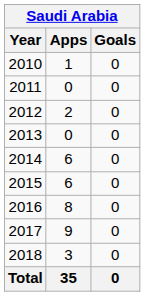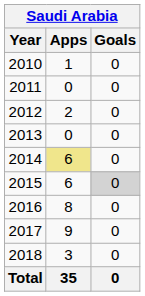 <table class="wikitable" style="text-align:center">
 <tr>
 <th colspan=3><a href='#'>Saudi Arabia</a></th>
 </tr>
 <tr>
 <th>Year</th>
 <th>Apps</th>
 <th>Goals</th>
 </tr>
 <tr>
 <td>2010</td>
 <td>1</td>
 <td>0</td>
 </tr>
 <tr>
 <td>2011</td>
 <td>0</td>
 <td>0</td>
 </tr>
 <tr>
 <td>2012</td>
 <td>2</td>
 <td>0</td>
 </tr>
 <tr>
 <td>2013</td>
 <td>0</td>
 <td>0</td>
 </tr>
 <tr>
 <td>2014</td>
-<td>6</td>
+<td style="background: khaki;">6</td>
 <td>0</td>
 </tr>
 <tr>
 <td>2015</td>
 <td>6</td>
-<td>0</td>
+<td style="background: lightgrey;">0</td>
 </tr>
 <tr>
 <td>2016</td>
 <td>8</td>
 <td>0</td>
 </tr>
 <tr>
 <td>2017</td>
 <td>9</td>
 <td>0</td>
 </tr>
 <tr>
 <td>2018</td>
 <td>3</td>
 <td>0</td>
 </tr>
 <tr>
 <th>Total</th>
 <th>35</th>
 <th>0</th>
 </tr>
 </table>
